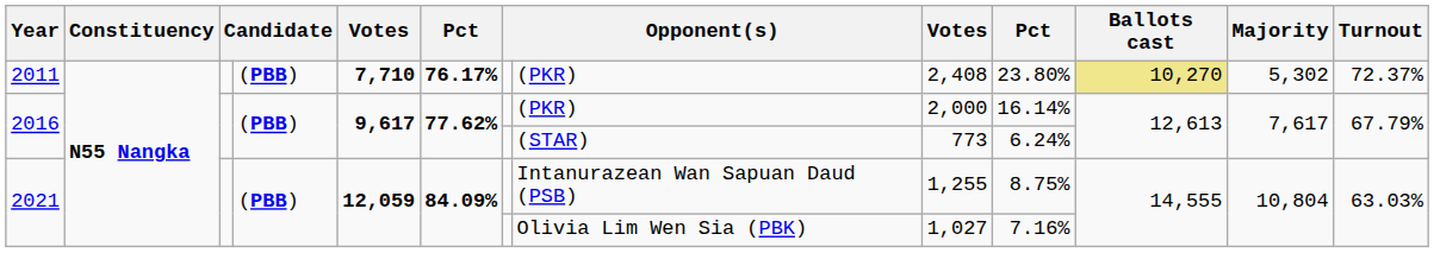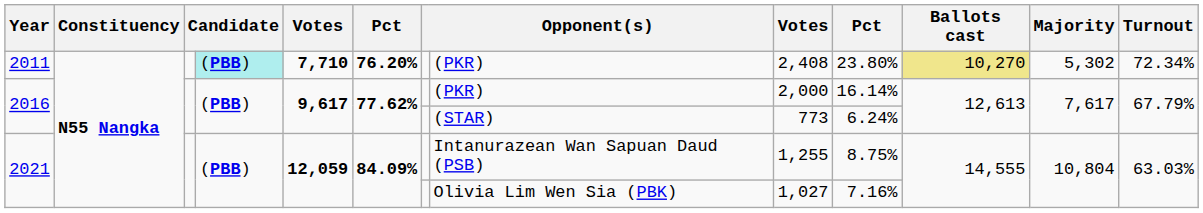 <table class="wikitable" style="margin:0.5em ; font-size:95%">
 <tr>
 <th>Year</th>
 <th>Constituency</th>
 <th colspan=2>Candidate</th>
 <th>Votes</th>
 <th>Pct</th>
 <th colspan=2>Opponent(s)</th>
 <th>Votes</th>
 <th>Pct</th>
 <th>Ballots cast</th>
 <th>Majority</th>
 <th>Turnout</th>
 </tr>
 <tr>
 <td><a href='#'>2011</a></td>
 <td rowspan="5"><strong>N55 <a href='#'>Nangka</a></strong></td>
 <td></td>
-<td> (<strong><a href='#'>PBB</a></strong>)</td>
+<td style="background: paleturquoise;"> (<strong><a href='#'>PBB</a></strong>)</td>
 <td style="text-align:right;"><strong>7,710</strong></td>
-<td style="text-align:right;"><strong>76.17%</strong></td>
+<td style="text-align:right;"><strong>76.20%</strong></td>
 <td></td>
 <td> (<a href='#'>PKR</a>)</td>
 <td style="text-align:right;">2,408</td>
 <td style="text-align:right;">23.80%</td>
 <td style="background: khaki; text-align:right;">10,270</td>
 <td style="text-align:right;">5,302</td>
-<td style="text-align:right;">72.37%</td>
+<td style="text-align:right;">72.34%</td>
 </tr>
 <tr>
 <td rowspan="2"><a href='#'>2016</a></td>
 <td rowspan="2" ></td>
 <td rowspan="2"> (<strong><a href='#'>PBB</a></strong>)</td>
 <td rowspan="2" style="text-align:right;"><strong>9,617</strong></td>
 <td rowspan="2" style="text-align:right;"><strong>77.62%</strong></td>
 <td></td>
 <td> (<a href='#'>PKR</a>)</td>
 <td style="text-align:right;">2,000</td>
 <td style="text-align:right;">16.14%</td>
 <td rowspan="2" style="text-align:right;">12,613</td>
 <td rowspan="2" style="text-align:right;">7,617</td>
 <td rowspan="2" style="text-align:right;">67.79%</td>
 </tr>
 <tr>
 <td></td>
 <td> (<a href='#'>STAR</a>)</td>
 <td style="text-align:right;">773</td>
 <td style="text-align:right;">6.24%</td>
 </tr>
 <tr>
 <td rowspan=2><a href='#'>2021</a></td>
 <td rowspan=2 style="background:"></td>
 <td rowspan=2> (<strong><a href='#'>PBB</a></strong>)</td>
 <td style="text-align:right;" rowspan=2><strong>12,059</strong></td>
 <td style="text-align:right;" rowspan=2><strong>84.09%</strong></td>
 <td style="background:"></td>
 <td>Intanurazean Wan Sapuan Daud (<a href='#'>PSB</a>)</td>
 <td style="text-align:right">1,255</td>
 <td style="text-align:right;">8.75%</td>
 <td style="text-align:right;" rowspan=2>14,555</td>
 <td style="text-align:right;" rowspan=2>10,804</td>
 <td style="text-align:right;" rowspan=2>63.03%</td>
 </tr>
 <tr>
 <td style="background:"></td>
 <td>Olivia Lim Wen Sia (<a href='#'>PBK</a>)</td>
 <td style="text-align:right;">1,027</td>
 <td style="text-align:right;">7.16%</td>
 </tr>
 </table>
